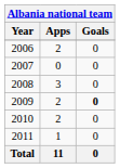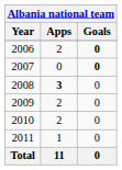 <table class="wikitable" style="text-align:center">
 <tr>
 <th colspan=3><a href='#'>Albania national team</a></th>
 </tr>
 <tr>
 <th>Year</th>
 <th>Apps</th>
 <th>Goals</th>
 </tr>
 <tr>
 </tr>
 <tr>
 <td>2006</td>
 <td>2</td>
-<td>0</td>
+<td><strong>0</strong></td>
 </tr>
 <tr>
 <td>2007</td>
 <td>0</td>
-<td>0</td>
+<td><strong>0</strong></td>
 </tr>
 <tr>
 <td>2008</td>
-<td>3</td>
+<td><strong>3</strong></td>
 <td>0</td>
 </tr>
 <tr>
 <td>2009</td>
 <td>2</td>
-<td><strong>0</strong></td>
+<td>0</td>
 </tr>
 <tr>
 <td>2010</td>
 <td>2</td>
 <td>0</td>
 </tr>
 <tr>
 <td>2011</td>
 <td>1</td>
 <td>0</td>
 </tr>
 <tr>
 <th>Total</th>
 <th>11</th>
 <th>0</th>
 </tr>
 </table>
